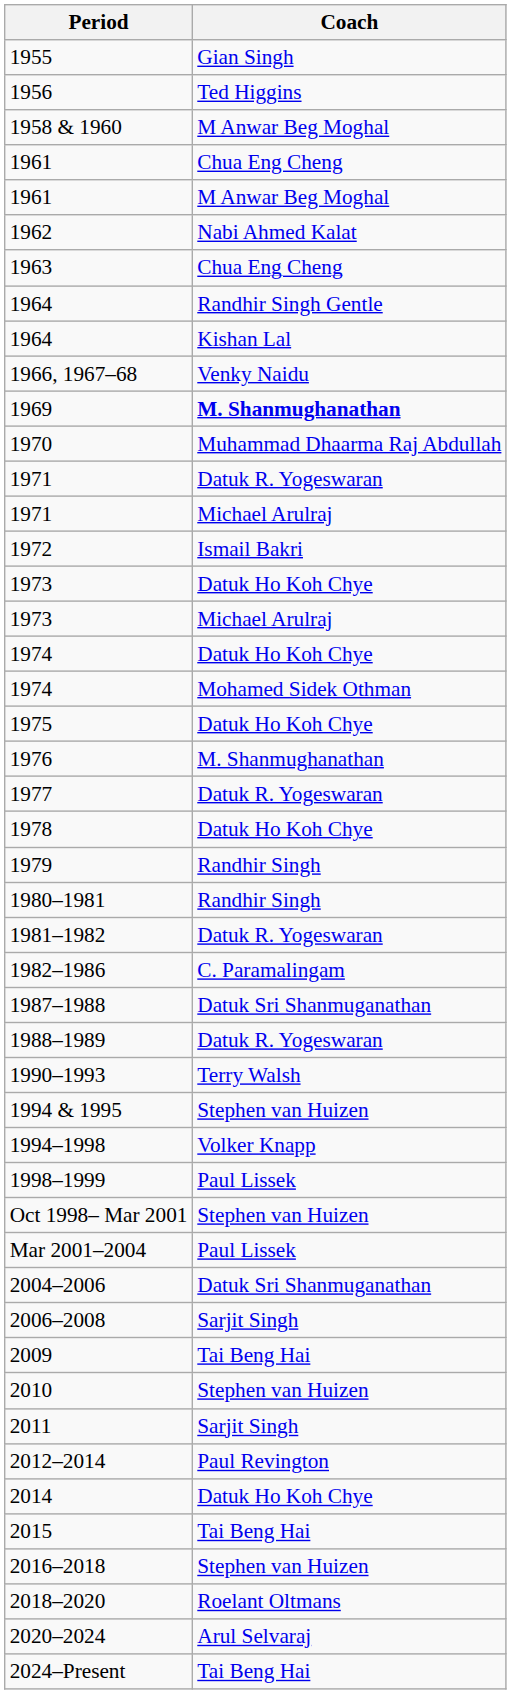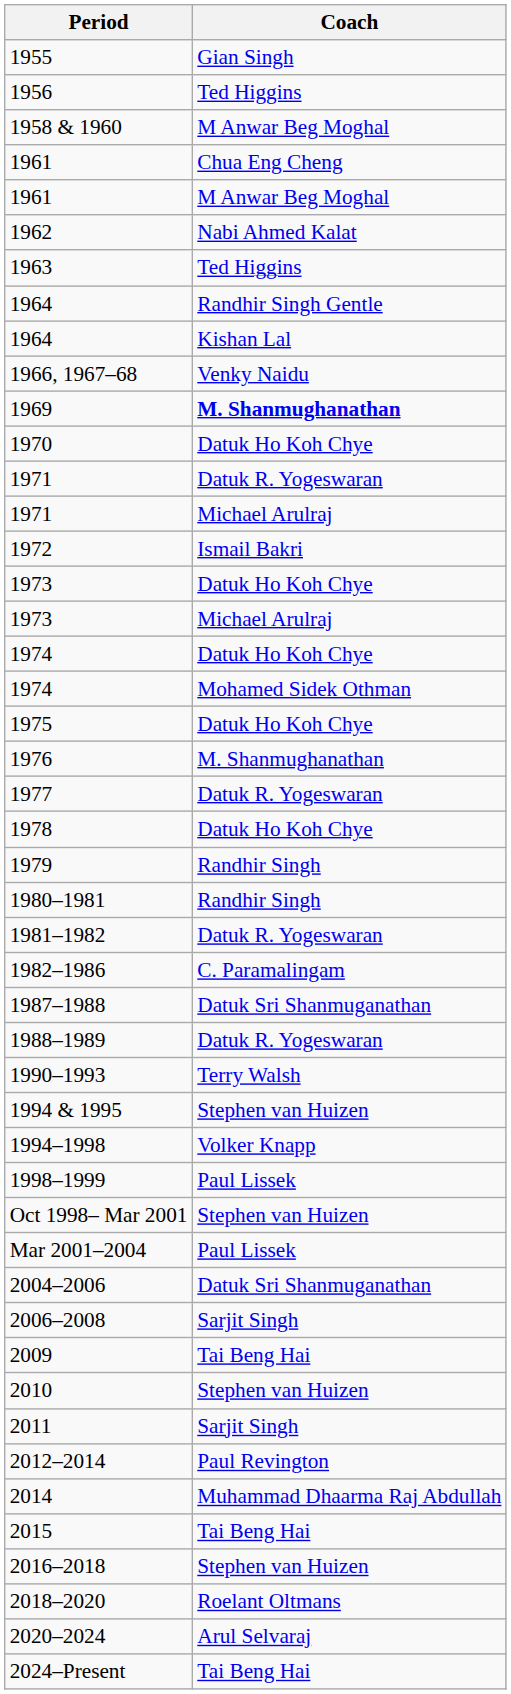 <table class="wikitable" style="font-size: 95%;">
 <tr>
 <th>Period</th>
 <th>Coach</th>
 </tr>
 <tr>
 <td>1955</td>
 <td><a href='#'>Gian Singh</a></td>
 </tr>
 <tr>
 <td>1956</td>
 <td><a href='#'>Ted Higgins</a></td>
 </tr>
 <tr>
 <td>1958 & 1960</td>
 <td><a href='#'>M Anwar Beg Moghal</a></td>
 </tr>
 <tr>
 <td>1961</td>
 <td><a href='#'>Chua Eng Cheng</a></td>
 </tr>
 <tr>
 <td>1961</td>
 <td><a href='#'>M Anwar Beg Moghal</a></td>
 </tr>
 <tr>
 <td>1962</td>
 <td><a href='#'>Nabi Ahmed Kalat</a></td>
 </tr>
 <tr>
 <td>1963</td>
-<td><a href='#'>Chua Eng Cheng</a></td>
+<td><a href='#'>Ted Higgins</a></td>
 </tr>
 <tr>
 <td>1964</td>
 <td><a href='#'>Randhir Singh Gentle</a></td>
 </tr>
 <tr>
 <td>1964</td>
 <td><a href='#'>Kishan Lal</a></td>
 </tr>
 <tr>
 <td>1966, 1967–68</td>
 <td><a href='#'>Venky Naidu</a></td>
 </tr>
 <tr>
 <td>1969</td>
 <td><strong><a href='#'>M. Shanmughanathan</a></strong></td>
 </tr>
 <tr>
 <td>1970</td>
-<td><a href='#'>Muhammad Dhaarma Raj Abdullah</a></td>
+<td><a href='#'>Datuk Ho Koh Chye</a></td>
 </tr>
 <tr>
 <td>1971</td>
 <td><a href='#'>Datuk R. Yogeswaran</a></td>
 </tr>
 <tr>
 <td>1971</td>
 <td><a href='#'>Michael Arulraj</a></td>
 </tr>
 <tr>
 <td>1972</td>
 <td><a href='#'>Ismail Bakri</a></td>
 </tr>
 <tr>
 <td>1973</td>
 <td><a href='#'>Datuk Ho Koh Chye</a></td>
 </tr>
 <tr>
 <td>1973</td>
 <td><a href='#'>Michael Arulraj</a></td>
 </tr>
 <tr>
 <td>1974</td>
 <td><a href='#'>Datuk Ho Koh Chye</a></td>
 </tr>
 <tr>
 <td>1974</td>
 <td><a href='#'>Mohamed Sidek Othman</a></td>
 </tr>
 <tr>
 <td>1975</td>
 <td><a href='#'>Datuk Ho Koh Chye</a></td>
 </tr>
 <tr>
 <td>1976</td>
 <td><a href='#'>M. Shanmughanathan</a></td>
 </tr>
 <tr>
 <td>1977</td>
 <td><a href='#'>Datuk R. Yogeswaran</a></td>
 </tr>
 <tr>
 <td>1978</td>
 <td><a href='#'>Datuk Ho Koh Chye</a></td>
 </tr>
 <tr>
 <td>1979</td>
 <td><a href='#'>Randhir Singh</a></td>
 </tr>
 <tr>
 <td>1980–1981</td>
 <td><a href='#'>Randhir Singh</a></td>
 </tr>
 <tr>
 <td>1981–1982</td>
 <td><a href='#'>Datuk R. Yogeswaran</a></td>
 </tr>
 <tr>
 <td>1982–1986</td>
 <td><a href='#'>C. Paramalingam</a></td>
 </tr>
 <tr>
 <td>1987–1988</td>
 <td><a href='#'>Datuk Sri Shanmuganathan</a></td>
 </tr>
 <tr>
 <td>1988–1989</td>
 <td><a href='#'>Datuk R. Yogeswaran</a></td>
 </tr>
 <tr>
 <td>1990–1993</td>
 <td><a href='#'>Terry Walsh</a></td>
 </tr>
 <tr>
 <td>1994 & 1995</td>
 <td><a href='#'>Stephen van Huizen</a></td>
 </tr>
 <tr>
 <td>1994–1998</td>
 <td><a href='#'>Volker Knapp</a></td>
 </tr>
 <tr>
 <td>1998–1999</td>
 <td><a href='#'>Paul Lissek</a></td>
 </tr>
 <tr>
 <td>Oct 1998– Mar 2001</td>
 <td><a href='#'>Stephen van Huizen</a></td>
 </tr>
 <tr>
 <td>Mar 2001–2004</td>
 <td><a href='#'>Paul Lissek</a></td>
 </tr>
 <tr>
 <td>2004–2006</td>
 <td><a href='#'>Datuk Sri Shanmuganathan</a></td>
 </tr>
 <tr>
 <td>2006–2008</td>
 <td><a href='#'>Sarjit Singh</a></td>
 </tr>
 <tr>
 <td>2009</td>
 <td><a href='#'>Tai Beng Hai</a></td>
 </tr>
 <tr>
 <td>2010</td>
 <td><a href='#'>Stephen van Huizen</a></td>
 </tr>
 <tr>
 <td>2011</td>
 <td><a href='#'>Sarjit Singh</a></td>
 </tr>
 <tr>
 <td>2012–2014</td>
 <td><a href='#'>Paul Revington</a></td>
 </tr>
 <tr>
 <td>2014</td>
-<td><a href='#'>Datuk Ho Koh Chye</a></td>
+<td><a href='#'>Muhammad Dhaarma Raj Abdullah</a></td>
 </tr>
 <tr>
 <td>2015</td>
 <td><a href='#'>Tai Beng Hai</a></td>
 </tr>
 <tr>
 <td>2016–2018</td>
 <td><a href='#'>Stephen van Huizen</a></td>
 </tr>
 <tr>
 <td>2018–2020</td>
 <td><a href='#'>Roelant Oltmans</a></td>
 </tr>
 <tr>
 <td>2020–2024</td>
 <td><a href='#'>Arul Selvaraj</a></td>
 </tr>
 <tr>
 <td>2024–Present</td>
 <td><a href='#'>Tai Beng Hai</a></td>
 </tr>
 </table>
